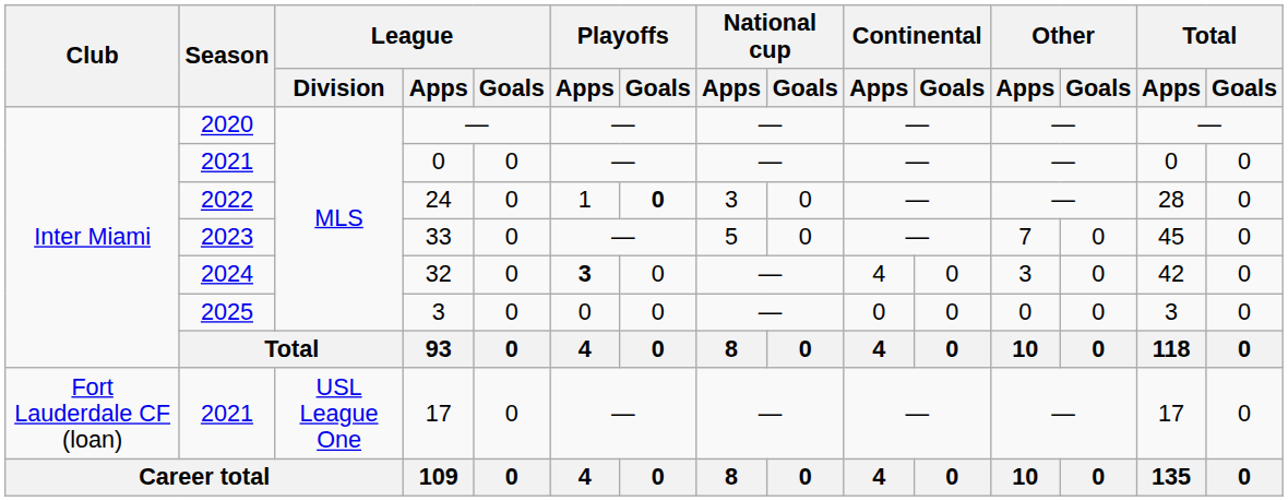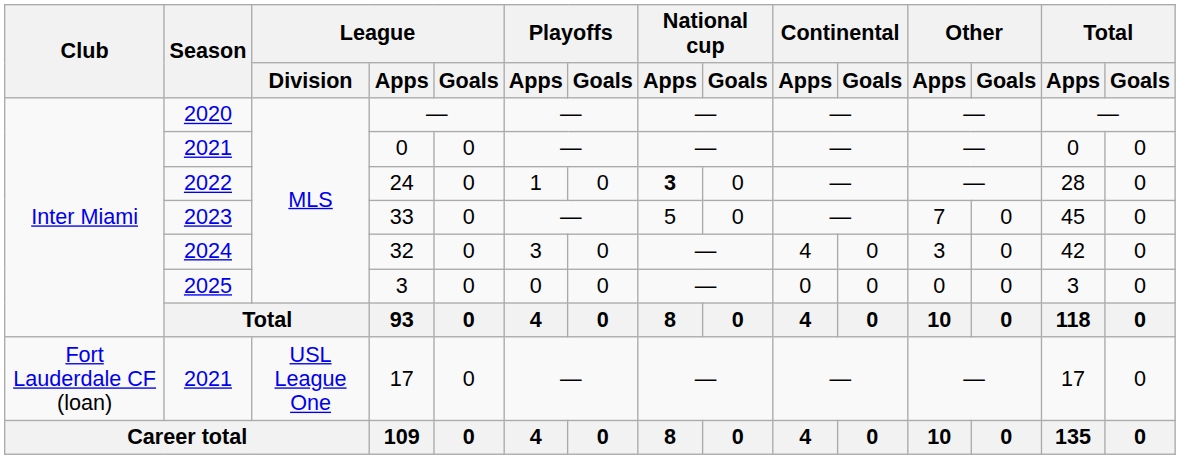 <table class=wikitable style=text-align:center>
 <tr>
 <th rowspan=2>Club</th>
 <th rowspan=2>Season</th>
 <th colspan=3>League</th>
 <th colspan=2>Playoffs</th>
 <th colspan=2>National cup</th>
 <th colspan=2>Continental</th>
 <th colspan=2>Other</th>
 <th colspan=2>Total</th>
 </tr>
 <tr>
 <th>Division</th>
 <th>Apps</th>
 <th>Goals</th>
 <th>Apps</th>
 <th>Goals</th>
 <th>Apps</th>
 <th>Goals</th>
 <th>Apps</th>
 <th>Goals</th>
 <th>Apps</th>
 <th>Goals</th>
 <th>Apps</th>
 <th>Goals</th>
 </tr>
 <tr>
 <td rowspan=7><a href='#'>Inter Miami</a></td>
 <td><a href='#'>2020</a></td>
 <td rowspan="6"><a href='#'>MLS</a></td>
 <td colspan=2>—</td>
 <td colspan=2>—</td>
 <td colspan=2>—</td>
 <td colspan=2>—</td>
 <td colspan=2>—</td>
 <td colspan=2>—</td>
 </tr>
 <tr>
 <td><a href='#'>2021</a></td>
 <td>0</td>
 <td>0</td>
 <td colspan=2>—</td>
 <td colspan=2>—</td>
 <td colspan=2>—</td>
 <td colspan=2>—</td>
 <td>0</td>
 <td>0</td>
 </tr>
 <tr>
 <td><a href='#'>2022</a></td>
 <td>24</td>
 <td>0</td>
 <td>1</td>
-<td><strong>0</strong></td>
-<td>3</td>
+<td>0</td>
+<td><strong>3</strong></td>
 <td>0</td>
 <td colspan=2>—</td>
 <td colspan=2>—</td>
 <td>28</td>
 <td>0</td>
 </tr>
 <tr>
 <td><a href='#'>2023</a></td>
 <td>33</td>
 <td>0</td>
 <td colspan=2>—</td>
 <td>5</td>
 <td>0</td>
 <td colspan=2>—</td>
 <td>7</td>
 <td>0</td>
 <td>45</td>
 <td>0</td>
 </tr>
 <tr>
 <td><a href='#'>2024</a></td>
 <td>32</td>
 <td>0</td>
-<td><strong>3</strong></td>
+<td>3</td>
 <td>0</td>
 <td colspan=2>—</td>
 <td>4</td>
 <td>0</td>
 <td>3</td>
 <td>0</td>
 <td>42</td>
 <td>0</td>
 </tr>
 <tr>
 <td><a href='#'>2025</a></td>
 <td>3</td>
 <td>0</td>
 <td>0</td>
 <td>0</td>
 <td colspan=2>—</td>
 <td>0</td>
 <td>0</td>
 <td>0</td>
 <td>0</td>
 <td>3</td>
 <td>0</td>
 </tr>
 <tr>
 <th colspan=2>Total</th>
 <th>93</th>
 <th>0</th>
 <th>4</th>
 <th>0</th>
 <th>8</th>
 <th>0</th>
 <th>4</th>
 <th>0</th>
 <th>10</th>
 <th>0</th>
 <th>118</th>
 <th>0</th>
 </tr>
 <tr>
 <td><a href='#'>Fort Lauderdale CF</a> (loan)</td>
 <td><a href='#'>2021</a></td>
 <td><a href='#'>USL League One</a></td>
 <td>17</td>
 <td>0</td>
 <td colspan=2>—</td>
 <td colspan=2>—</td>
 <td colspan=2>—</td>
 <td colspan=2>—</td>
 <td>17</td>
 <td>0</td>
 </tr>
 <tr>
 <th colspan=3>Career total</th>
 <th>109</th>
 <th>0</th>
 <th>4</th>
 <th>0</th>
 <th>8</th>
 <th>0</th>
 <th>4</th>
 <th>0</th>
 <th>10</th>
 <th>0</th>
 <th>135</th>
 <th>0</th>
 </tr>
 </table>
